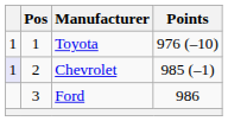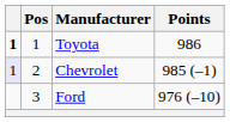 <table class="wikitable" style="font-size: 95%">
 <tr>
 <th></th>
 <th>Pos</th>
 <th>Manufacturer</th>
 <th>Points</th>
 </tr>
 <tr>
-<td align="left"> 1</td>
+<td align="left"><strong> 1</strong></td>
 <td style="text-align:center;">1</td>
 <td><a href='#'>Toyota</a></td>
-<td style="text-align:center;">976 (–10)</td>
+<td style="text-align:center;">986</td>
 </tr>
 <tr>
 <td align="left" style="background: lavender;"> 1</td>
 <td style="text-align:center;">2</td>
 <td><a href='#'>Chevrolet</a></td>
 <td style="text-align:center;">985 (–1)</td>
 </tr>
 <tr>
 <td align="left"></td>
 <td style="text-align:center;">3</td>
 <td><a href='#'>Ford</a></td>
-<td style="text-align:center;">986</td>
+<td style="text-align:center;">976 (–10)</td>
 </tr>
 <tr class="sortbottom">
 <th colspan="9"></th>
 </tr>
 </table>
